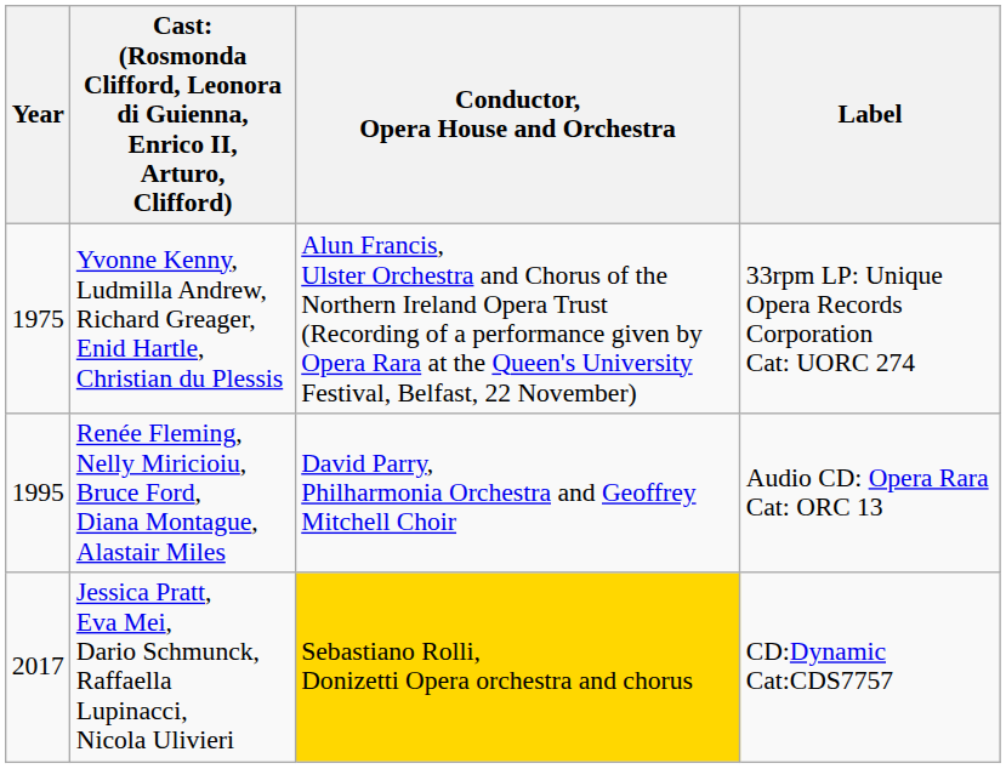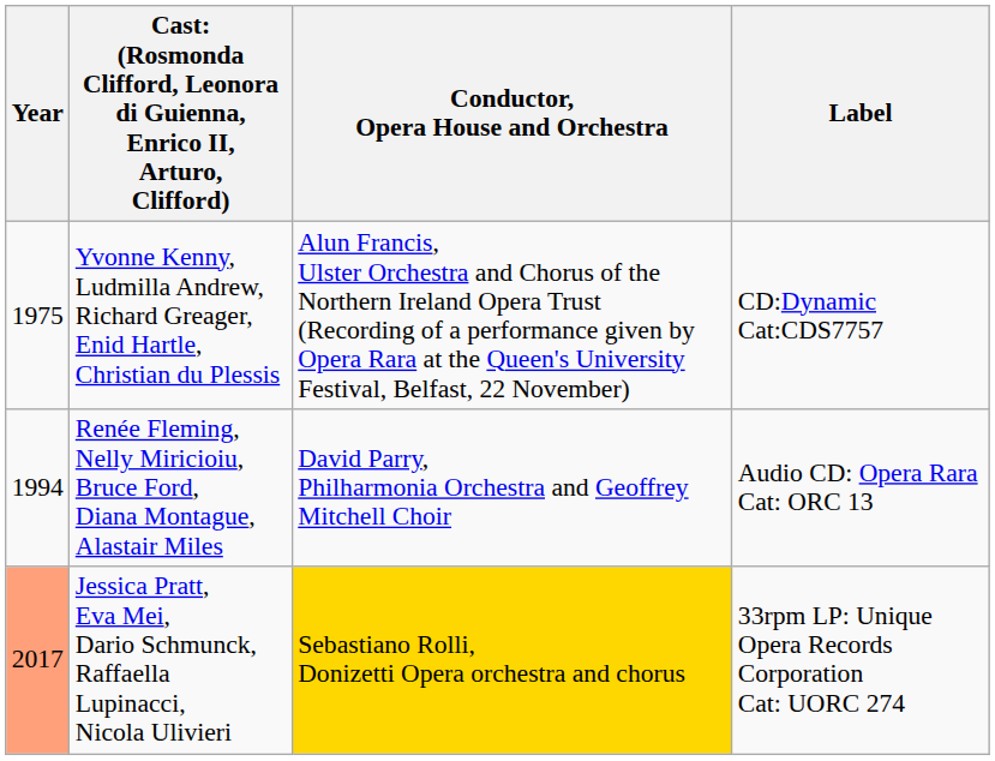 <table class="wikitable">
 <tr>
 <th>Year</th>
 <th width="130">Cast:<br>(Rosmonda Clifford, Leonora di Guienna, Enrico II,<br>Arturo,<br> Clifford)</th>
 <th>Conductor,<br>Opera House and Orchestra</th>
 <th>Label</th>
 </tr>
 <tr>
 <td>1975</td>
 <td><a href='#'>Yvonne Kenny</a>,<br>Ludmilla Andrew,<br>Richard Greager,<br><a href='#'>Enid Hartle</a>,<br><a href='#'>Christian du Plessis</a></td>
 <td><a href='#'>Alun Francis</a>,<br><a href='#'>Ulster Orchestra</a> and Chorus of the Northern Ireland Opera Trust<br>(Recording of a performance given by <a href='#'>Opera Rara</a> at the <a href='#'>Queen's University</a> Festival, Belfast, 22 November)</td>
-<td>33rpm LP: Unique Opera Records Corporation<br>Cat: UORC 274</td>
+<td>CD:<a href='#'>Dynamic</a><br>Cat:CDS7757</td>
 </tr>
 <tr>
-<td>1995</td>
+<td>1994</td>
 <td><a href='#'>Renée Fleming</a>,<br><a href='#'>Nelly Miricioiu</a>,<br><a href='#'>Bruce Ford</a>,<br><a href='#'>Diana Montague</a>,<br><a href='#'>Alastair Miles</a></td>
 <td><a href='#'>David Parry</a>,<br><a href='#'>Philharmonia Orchestra</a> and <a href='#'>Geoffrey Mitchell Choir</a></td>
 <td>Audio CD: <a href='#'>Opera Rara</a><br>Cat: ORC 13</td>
 </tr>
 <tr>
-<td>2017</td>
+<td style="background: lightsalmon;">2017</td>
 <td><a href='#'>Jessica Pratt</a>,<br><a href='#'>Eva Mei</a>,<br>Dario Schmunck,<br>Raffaella Lupinacci,<br>Nicola Ulivieri</td>
 <td style="background: gold;">Sebastiano Rolli,<br>Donizetti Opera orchestra and chorus</td>
-<td>CD:<a href='#'>Dynamic</a><br>Cat:CDS7757</td>
+<td>33rpm LP: Unique Opera Records Corporation<br>Cat: UORC 274</td>
 </tr>
 </table>
